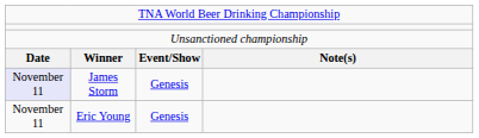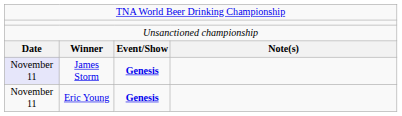 <table class="wikitable" style="text-align:center; width:100%;">
 <tr>
 <td colspan="5"><a href='#'>TNA World Beer Drinking Championship</a></td>
 </tr>
 <tr>
 <td colspan="5"><strong></strong></td>
 </tr>
 <tr>
 <td colspan="5"><em>Unsanctioned championship</em></td>
 </tr>
 <tr>
 <th width="14%">Date</th>
 <th width="14%">Winner</th>
 <th width="14%">Event/Show</th>
 <th width="58%">Note(s)</th>
 </tr>
 <tr>
 <td style="background: lavender;">November 11</td>
 <td><a href='#'>James Storm</a></td>
-<td><a href='#'>Genesis</a></td>
+<td><strong><a href='#'>Genesis</a></strong></td>
 <td></td>
 </tr>
 <tr>
 <td>November 11</td>
 <td><a href='#'>Eric Young</a></td>
-<td><a href='#'>Genesis</a></td>
+<td><strong><a href='#'>Genesis</a></strong></td>
 <td></td>
 </tr>
 </table>
